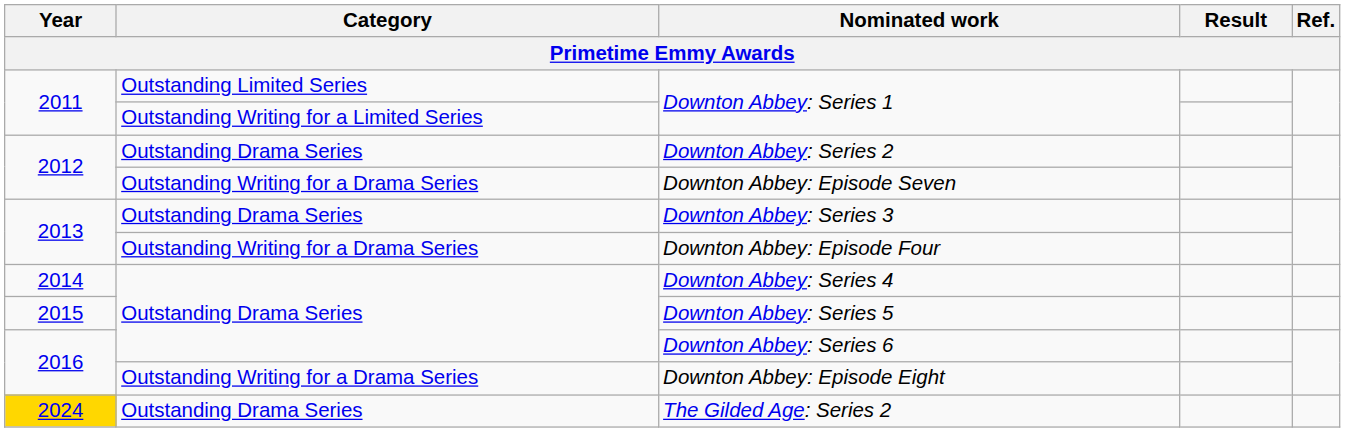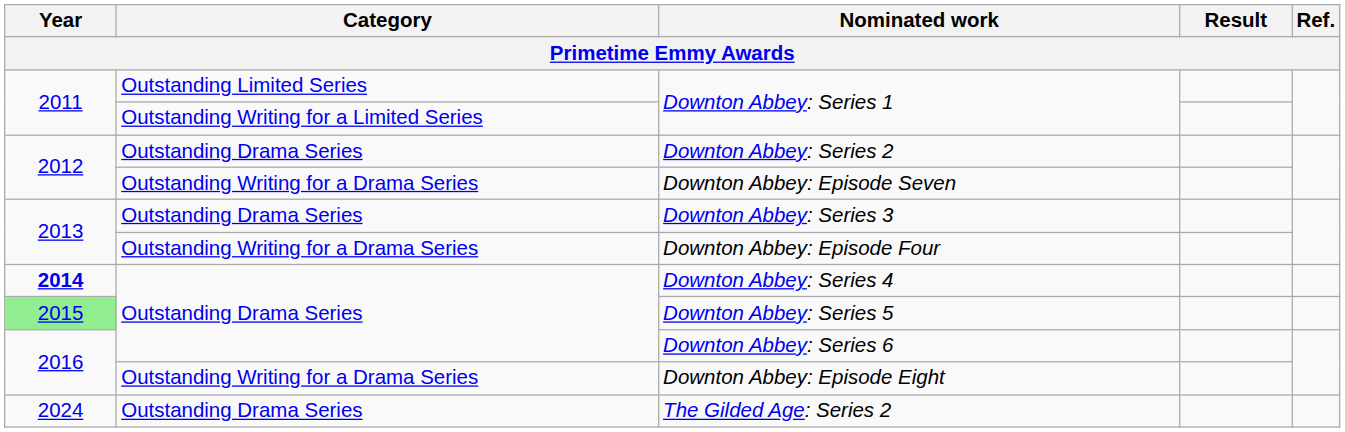 <table class=wikitable>
 <tr>
 <th scope="col" style="width:5em;">Year</th>
 <th scope="col" style="width:26em;">Category</th>
 <th scope="col" style="width:25em;">Nominated work</th>
 <th scope="col" style="width:5em;">Result</th>
 <th>Ref.</th>
 </tr>
 <tr>
 <th colspan=5><a href='#'>Primetime Emmy Awards</a></th>
 </tr>
 <tr>
 <td style="text-align:center;", rowspan=2><a href='#'>2011</a></td>
 <td><a href='#'>Outstanding Limited Series</a></td>
 <td rowspan=2><em><a href='#'>Downton Abbey</a>: Series 1</em></td>
 <td></td>
 <td rowspan=2></td>
 </tr>
 <tr>
 <td><a href='#'>Outstanding Writing for a Limited Series</a></td>
 <td></td>
 </tr>
 <tr>
 <td style="text-align:center;", rowspan=2><a href='#'>2012</a></td>
 <td><a href='#'>Outstanding Drama Series</a></td>
 <td><em><a href='#'>Downton Abbey</a>: Series 2</em></td>
 <td></td>
 <td rowspan=2></td>
 </tr>
 <tr>
 <td><a href='#'>Outstanding Writing for a Drama Series</a></td>
 <td><em>Downton Abbey: Episode Seven</em></td>
 <td></td>
 </tr>
 <tr>
 <td style="text-align:center;", rowspan=2><a href='#'>2013</a></td>
 <td><a href='#'>Outstanding Drama Series</a></td>
 <td><em><a href='#'>Downton Abbey</a>: Series 3</em></td>
 <td></td>
 <td rowspan=2></td>
 </tr>
 <tr>
 <td><a href='#'>Outstanding Writing for a Drama Series</a></td>
 <td><em>Downton Abbey: Episode Four</em></td>
 <td></td>
 </tr>
 <tr>
-<td style="text-align:center;"><a href='#'>2014</a></td>
+<td style="text-align:center;"><strong><a href='#'>2014</a></strong></td>
 <td rowspan=3><a href='#'>Outstanding Drama Series</a></td>
 <td><em><a href='#'>Downton Abbey</a>: Series 4</em></td>
 <td></td>
 <td></td>
 </tr>
 <tr>
-<td style="text-align:center;"><a href='#'>2015</a></td>
+<td style="background: lightgreen; text-align:center;"><a href='#'>2015</a></td>
 <td><em><a href='#'>Downton Abbey</a>: Series 5</em></td>
 <td></td>
 <td></td>
 </tr>
 <tr>
 <td style="text-align:center;", rowspan=2><a href='#'>2016</a></td>
 <td><em><a href='#'>Downton Abbey</a>: Series 6</em></td>
 <td></td>
 <td rowspan=2></td>
 </tr>
 <tr>
 <td><a href='#'>Outstanding Writing for a Drama Series</a></td>
 <td><em>Downton Abbey: Episode Eight</em></td>
 <td></td>
 </tr>
 <tr>
-<td style="background: gold; text-align:center;"><a href='#'>2024</a></td>
+<td style="text-align:center;"><a href='#'>2024</a></td>
 <td><a href='#'>Outstanding Drama Series</a></td>
 <td><em><a href='#'>The Gilded Age</a>: Series 2</em></td>
 <td></td>
 <td></td>
 </tr>
 </table>
